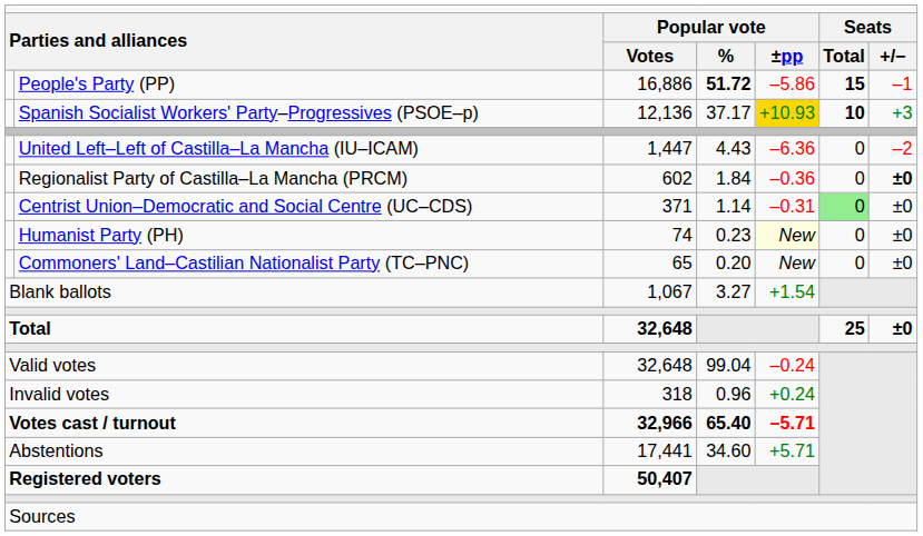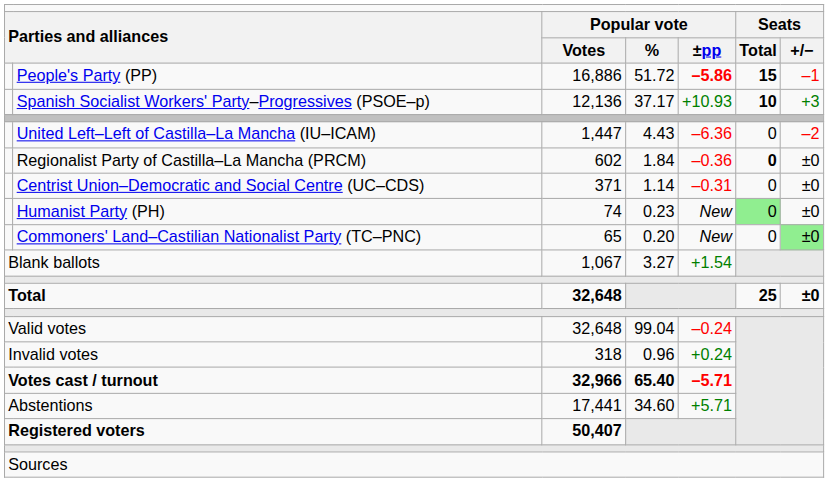 <table class="wikitable" style="text-align:right;">
 <tr>
 <td colspan="7"></td>
 </tr>
 <tr>
 <th style="text-align:left;" rowspan="2" colspan="2" width="525">Parties and alliances</th>
 <th colspan="3">Popular vote</th>
 <th colspan="2">Seats</th>
 </tr>
 <tr>
 <th width="75">Votes</th>
 <th width="45">%</th>
 <th width="45">±<a href='#'>pp</a></th>
 <th width="35">Total</th>
 <th width="35">+/−</th>
 </tr>
 <tr>
 <td width="1" style="color:inherit;background:"></td>
 <td align="left"><a href='#'>People's Party</a> (PP)</td>
 <td>16,886</td>
-<td><strong>51.72</strong></td>
-<td style="color:red;">–5.86</td>
+<td>51.72</td>
+<td style="color:red;"><strong>–5.86</strong></td>
 <td><strong>15</strong></td>
 <td style="color:red;">–1</td>
 </tr>
 <tr>
 <td style="color:inherit;background:"></td>
 <td align="left"><a href='#'>Spanish Socialist Workers' Party</a>–<a href='#'>Progressives</a> (PSOE–p)</td>
 <td>12,136</td>
 <td>37.17</td>
-<td style="background: gold; color:green;">+10.93</td>
+<td style="color:green;">+10.93</td>
 <td><strong>10</strong></td>
 <td style="color:green;">+3</td>
 </tr>
 <tr>
 <td colspan="7" bgcolor="#C0C0C0"></td>
 </tr>
 <tr>
 <td style="color:inherit;background:"></td>
 <td align="left"><a href='#'>United Left–Left of Castilla–La Mancha</a> (IU–ICAM)</td>
 <td>1,447</td>
 <td>4.43</td>
 <td style="color:red;">–6.36</td>
 <td>0</td>
 <td style="color:red;">–2</td>
 </tr>
 <tr>
 <td style="color:inherit;background:"></td>
 <td align="left">Regionalist Party of Castilla–La Mancha (PRCM)</td>
 <td>602</td>
 <td>1.84</td>
 <td style="color:red;">–0.36</td>
-<td>0</td>
-<td><strong>±0</strong></td>
+<td><strong>0</strong></td>
+<td>±0</td>
 </tr>
 <tr>
 <td style="color:inherit;background:"></td>
 <td align="left"><a href='#'>Centrist Union–Democratic and Social Centre</a> (UC–CDS)</td>
 <td>371</td>
 <td>1.14</td>
 <td style="color:red;">–0.31</td>
-<td style="background: lightgreen;">0</td>
+<td>0</td>
 <td>±0</td>
 </tr>
 <tr>
 <td style="color:inherit;background:"></td>
 <td align="left"><a href='#'>Humanist Party</a> (PH)</td>
 <td>74</td>
 <td>0.23</td>
-<td style="background: lightyellow;"><em>New</em></td>
-<td>0</td>
+<td><em>New</em></td>
+<td style="background: lightgreen;">0</td>
 <td>±0</td>
 </tr>
 <tr>
 <td style="color:inherit;background:"></td>
 <td align="left"><a href='#'>Commoners' Land–Castilian Nationalist Party</a> (TC–PNC)</td>
 <td>65</td>
 <td>0.20</td>
 <td><em>New</em></td>
 <td>0</td>
-<td>±0</td>
+<td style="background: lightgreen;">±0</td>
 </tr>
 <tr>
 <td align="left" colspan="2">Blank ballots</td>
 <td>1,067</td>
 <td>3.27</td>
 <td style="color:green;">+1.54</td>
 <td bgcolor="#E9E9E9" colspan="2"></td>
 </tr>
 <tr>
 <td colspan="7" bgcolor="#E9E9E9"></td>
 </tr>
 <tr style="font-weight:bold;">
 <td align="left" colspan="2">Total</td>
 <td>32,648</td>
 <td bgcolor="#E9E9E9" colspan="2"></td>
 <td>25</td>
 <td>±0</td>
 </tr>
 <tr>
 <td colspan="7" bgcolor="#E9E9E9"></td>
 </tr>
 <tr>
 <td align="left" colspan="2">Valid votes</td>
 <td>32,648</td>
 <td>99.04</td>
 <td style="color:red;">–0.24</td>
 <td bgcolor="#E9E9E9" colspan="2" rowspan="5"></td>
 </tr>
 <tr>
 <td align="left" colspan="2">Invalid votes</td>
 <td>318</td>
 <td>0.96</td>
 <td style="color:green;">+0.24</td>
 </tr>
 <tr style="font-weight:bold;">
 <td align="left" colspan="2">Votes cast / turnout</td>
 <td>32,966</td>
 <td>65.40</td>
 <td style="color:red;">–5.71</td>
 </tr>
 <tr>
 <td align="left" colspan="2">Abstentions</td>
 <td>17,441</td>
 <td>34.60</td>
 <td style="color:green;">+5.71</td>
 </tr>
 <tr style="font-weight:bold;">
 <td align="left" colspan="2">Registered voters</td>
 <td>50,407</td>
 <td bgcolor="#E9E9E9" colspan="2"></td>
 </tr>
 <tr>
 <td colspan="7" bgcolor="#E9E9E9"></td>
 </tr>
 <tr>
 <td align="left" colspan="7">Sources</td>
 </tr>
 </table>
